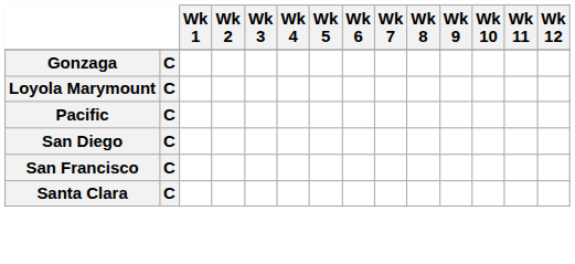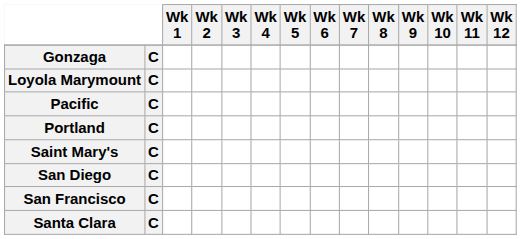 <table class="wikitable" style="white-space:nowrap;font-size:90%;">
 <tr>
 <th colspan=2 style="background:white; border-top-style:hidden; border-left-style:hidden;"> </th>
 <th>Wk<br>1</th>
 <th>Wk<br>2</th>
 <th>Wk<br>3</th>
 <th>Wk<br>4</th>
 <th>Wk<br>5</th>
 <th>Wk<br>6</th>
 <th>Wk<br>7</th>
 <th>Wk<br>8</th>
 <th>Wk<br>9</th>
 <th>Wk<br>10</th>
 <th>Wk<br>11</th>
 <th>Wk<br>12</th>
 </tr>
 <tr style="text-align:center;">
 </tr>
 <tr style="text-align:center;">
 <th style="background:#">Gonzaga</th>
 <th>C</th>
 <td style="background:#FFF;"></td>
 <td style="background:#FFF;"></td>
 <td style="background:#FFF;"></td>
 <td style="background:#FFF;"></td>
 <td style="background:#FFF;"></td>
 <td style="background:#FFF;"></td>
 <td style="background:#FFF;"></td>
 <td style="background:#FFF;"></td>
 <td style="background:#FFF;"></td>
 <td style="background:#FFF;"></td>
 <td style="background:#FFF;"></td>
 <td style="background:#FFF;"></td>
 </tr>
 <tr style="text-align:center;">
 <th style="background:#">Loyola Marymount</th>
 <th>C</th>
 <td style="background:#FFF;"></td>
 <td style="background:#FFF;"></td>
 <td style="background:#FFF;"></td>
 <td style="background:#FFF;"></td>
 <td style="background:#FFF;"></td>
 <td style="background:#FFF;"></td>
 <td style="background:#FFF;"></td>
 <td style="background:#FFF;"></td>
 <td style="background:#FFF;"></td>
 <td style="background:#FFF;"></td>
 <td style="background:#FFF;"></td>
 <td style="background:#FFF;"></td>
 </tr>
 <tr style="text-align:center;">
 <th style="background:#">Pacific</th>
 <th>C</th>
 <td style="background:#FFF;"></td>
 <td style="background:#FFF;"></td>
 <td style="background:#FFF;"></td>
 <td style="background:#FFF;"></td>
 <td style="background:#FFF;"></td>
 <td style="background:#FFF;"></td>
 <td style="background:#FFF;"></td>
 <td style="background:#FFF;"></td>
 <td style="background:#FFF;"></td>
 <td style="background:#FFF;"></td>
 <td style="background:#FFF;"></td>
 <td style="background:#FFF;"></td>
 </tr>
 <tr style="text-align:center;">
+<th style="background:#">Portland</th>
+<th>C</th>
+<td style="background:#FFF;"></td>
+<td style="background:#FFF;"></td>
+<td style="background:#FFF;"></td>
+<td style="background:#FFF;"></td>
+<td style="background:#FFF;"></td>
+<td style="background:#FFF;"></td>
+<td style="background:#FFF;"></td>
+<td style="background:#FFF;"></td>
+<td style="background:#FFF;"></td>
+<td style="background:#FFF;"></td>
+<td style="background:#FFF;"></td>
+<td style="background:#FFF;"></td>
+</tr>
+<tr style="text-align:center;">
+<th style="background:#">Saint Mary's</th>
+<th>C</th>
+<td style="background:#FFF;"></td>
+<td style="background:#FFF;"></td>
+<td style="background:#FFF;"></td>
+<td style="background:#FFF;"></td>
+<td style="background:#FFF;"></td>
+<td style="background:#FFF;"></td>
+<td style="background:#FFF;"></td>
+<td style="background:#FFF;"></td>
+<td style="background:#FFF;"></td>
+<td style="background:#FFF;"></td>
+<td style="background:#FFF;"></td>
+<td style="background:#FFF;"></td>
+</tr>
+<tr style="text-align:center;">
 <th style="background:#">San Diego</th>
 <th>C</th>
 <td style="background:#FFF;"></td>
 <td style="background:#FFF;"></td>
 <td style="background:#FFF;"></td>
 <td style="background:#FFF;"></td>
 <td style="background:#FFF;"></td>
 <td style="background:#FFF;"></td>
 <td style="background:#FFF;"></td>
 <td style="background:#FFF;"></td>
 <td style="background:#FFF;"></td>
 <td style="background:#FFF;"></td>
 <td style="background:#FFF;"></td>
 <td style="background:#FFF;"></td>
 </tr>
 <tr style="text-align:center;">
 <th style="background:#">San Francisco</th>
 <th>C</th>
 <td style="background:#FFF;"></td>
 <td style="background:#FFF;"></td>
 <td style="background:#FFF;"></td>
 <td style="background:#FFF;"></td>
 <td style="background:#FFF;"></td>
 <td style="background:#FFF;"></td>
 <td style="background:#FFF;"></td>
 <td style="background:#FFF;"></td>
 <td style="background:#FFF;"></td>
 <td style="background:#FFF;"></td>
 <td style="background:#FFF;"></td>
 <td style="background:#FFF;"></td>
 </tr>
 <tr style="text-align:center;">
 <th style="background:#">Santa Clara</th>
 <th>C</th>
 <td style="background:#FFF;"></td>
 <td style="background:#FFF;"></td>
 <td style="background:#FFF;"></td>
 <td style="background:#FFF;"></td>
 <td style="background:#FFF;"></td>
 <td style="background:#FFF;"></td>
 <td style="background:#FFF;"></td>
 <td style="background:#FFF;"></td>
 <td style="background:#FFF;"></td>
 <td style="background:#FFF;"></td>
 <td style="background:#FFF;"></td>
 <td style="background:#FFF;"></td>
 </tr>
 </table>
